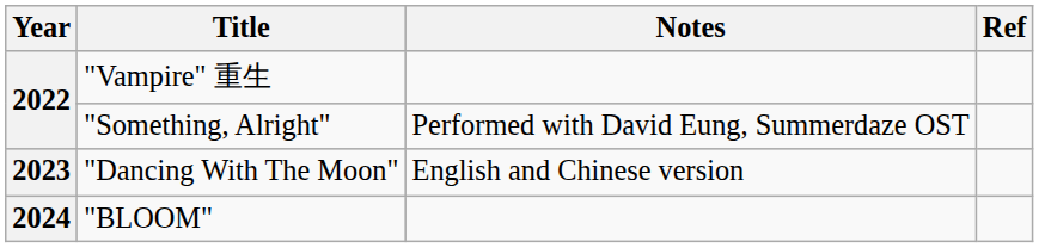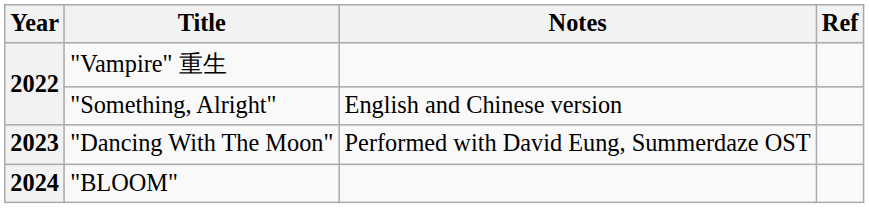 <table class="wikitable sortable">
 <tr>
 <th>Year</th>
 <th>Title</th>
 <th class="unsortable">Notes</th>
 <th>Ref</th>
 </tr>
 <tr>
 <th rowspan="2">2022</th>
 <td>"Vampire" 重生</td>
 <td></td>
 <td></td>
 </tr>
 <tr>
 <td>"Something, Alright"</td>
-<td>Performed with David Eung, Summerdaze OST</td>
+<td>English and Chinese version</td>
 <td></td>
 </tr>
 <tr>
 <th>2023</th>
 <td>"Dancing With The Moon"</td>
-<td>English and Chinese version</td>
+<td>Performed with David Eung, Summerdaze OST</td>
 <td></td>
 </tr>
 <tr>
 <th>2024</th>
 <td>"BLOOM"</td>
 <td></td>
 <td></td>
 </tr>
 </table>
